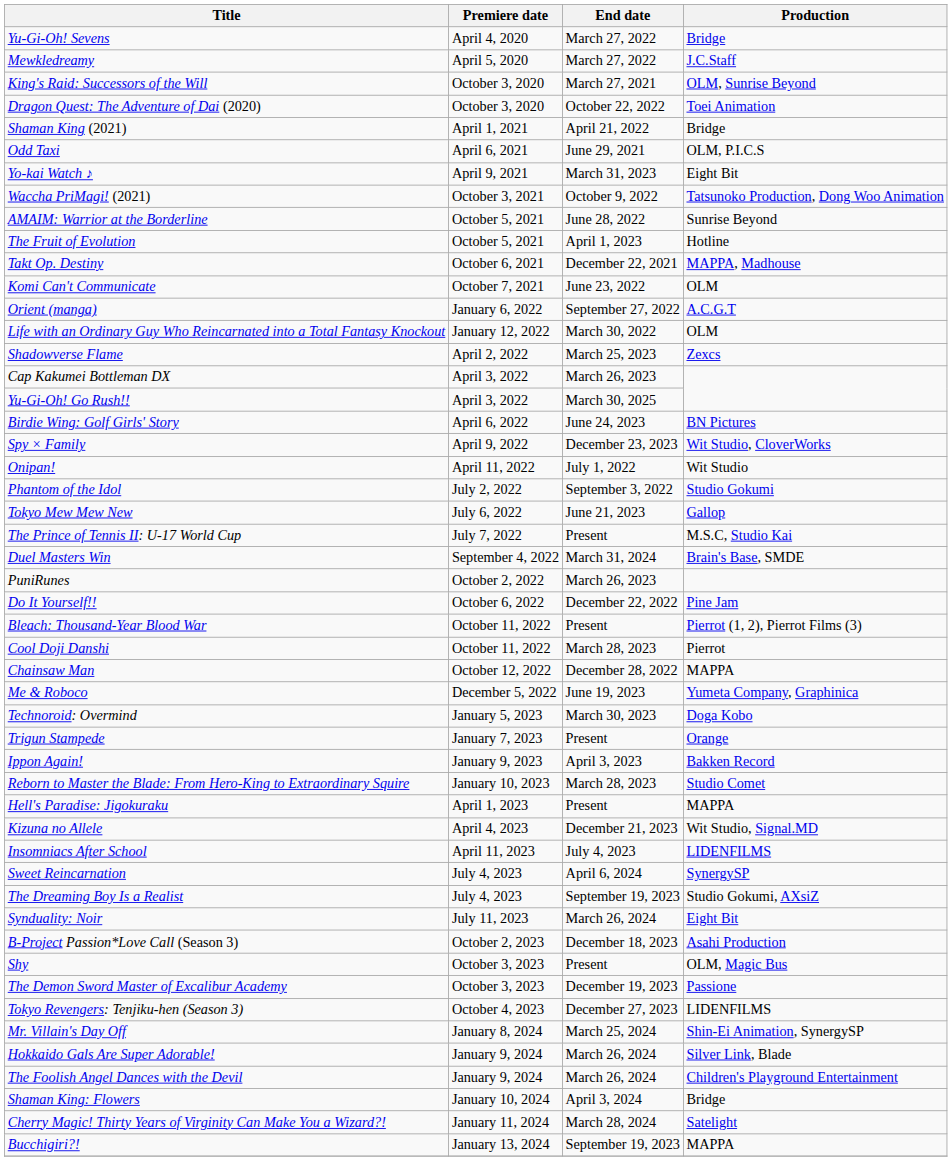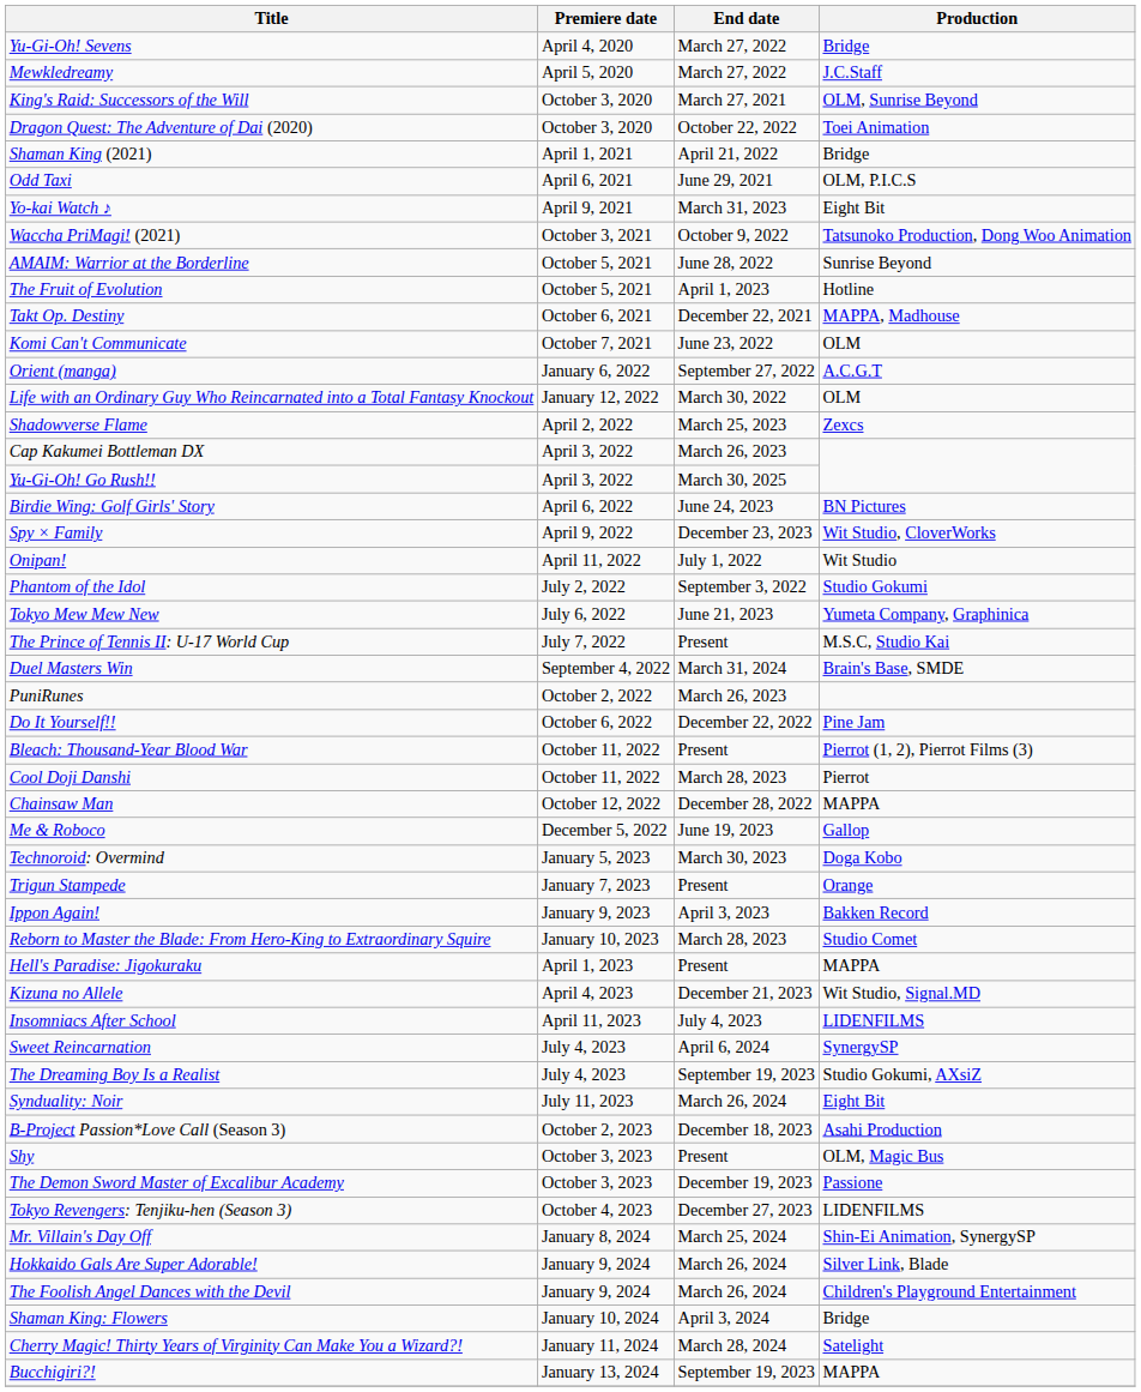 <table class="wikitable sortable">
 <tr>
 <th>Title</th>
 <th>Premiere date</th>
 <th>End date</th>
 <th>Production</th>
 </tr>
 <tr>
 <td><em><a href='#'>Yu-Gi-Oh! Sevens</a></em></td>
 <td>April 4, 2020</td>
 <td>March 27, 2022</td>
 <td><a href='#'>Bridge</a></td>
 </tr>
 <tr>
 <td><em><a href='#'>Mewkledreamy</a></em></td>
 <td>April 5, 2020</td>
 <td>March 27, 2022</td>
 <td><a href='#'>J.C.Staff</a></td>
 </tr>
 <tr>
 <td><em><a href='#'>King's Raid: Successors of the Will</a></em></td>
 <td>October 3, 2020</td>
 <td>March 27, 2021</td>
 <td><a href='#'>OLM</a>, <a href='#'>Sunrise Beyond</a></td>
 </tr>
 <tr>
 <td><em><a href='#'>Dragon Quest: The Adventure of Dai</a></em> (2020)</td>
 <td>October 3, 2020</td>
 <td>October 22, 2022</td>
 <td><a href='#'>Toei Animation</a></td>
 </tr>
 <tr>
 <td><em><a href='#'>Shaman King</a></em> (2021)</td>
 <td>April 1, 2021</td>
 <td>April 21, 2022</td>
 <td>Bridge</td>
 </tr>
 <tr>
 <td><em><a href='#'>Odd Taxi</a></em></td>
 <td>April 6, 2021</td>
 <td>June 29, 2021</td>
 <td>OLM, P.I.C.S</td>
 </tr>
 <tr>
 <td><em><a href='#'>Yo-kai Watch ♪</a></em></td>
 <td>April 9, 2021</td>
 <td>March 31, 2023</td>
 <td>Eight Bit</td>
 </tr>
 <tr>
 <td><em><a href='#'>Waccha PriMagi!</a></em> (2021)</td>
 <td>October 3, 2021</td>
 <td>October 9, 2022</td>
 <td><a href='#'>Tatsunoko Production</a>, <a href='#'>Dong Woo Animation</a></td>
 </tr>
 <tr>
 <td><em><a href='#'>AMAIM: Warrior at the Borderline</a></em></td>
 <td>October 5, 2021</td>
 <td>June 28, 2022</td>
 <td>Sunrise Beyond</td>
 </tr>
 <tr>
 <td><em><a href='#'>The Fruit of Evolution</a></em></td>
 <td>October 5, 2021</td>
 <td>April 1, 2023</td>
 <td>Hotline</td>
 </tr>
 <tr>
 <td><em><a href='#'>Takt Op. Destiny</a></em></td>
 <td>October 6, 2021</td>
 <td>December 22, 2021</td>
 <td><a href='#'>MAPPA</a>, <a href='#'>Madhouse</a></td>
 </tr>
 <tr>
 <td><em><a href='#'>Komi Can't Communicate</a></em></td>
 <td>October 7, 2021</td>
 <td>June 23, 2022</td>
 <td>OLM</td>
 </tr>
 <tr>
 <td><em><a href='#'>Orient (manga)</a></em></td>
 <td>January 6, 2022</td>
 <td>September 27, 2022</td>
 <td><a href='#'>A.C.G.T</a></td>
 </tr>
 <tr>
 <td><em><a href='#'>Life with an Ordinary Guy Who Reincarnated into a Total Fantasy Knockout</a></em></td>
 <td>January 12, 2022</td>
 <td>March 30, 2022</td>
 <td>OLM</td>
 </tr>
 <tr>
 <td><em><a href='#'>Shadowverse Flame</a></em></td>
 <td>April 2, 2022</td>
 <td>March 25, 2023</td>
 <td><a href='#'>Zexcs</a></td>
 </tr>
 <tr>
 <td><em>Cap Kakumei Bottleman DX</em></td>
 <td>April 3, 2022</td>
 <td>March 26, 2023</td>
 </tr>
 <tr>
 <td><em><a href='#'>Yu-Gi-Oh! Go Rush!!</a></em></td>
 <td>April 3, 2022</td>
 <td>March 30, 2025</td>
 </tr>
 <tr>
 <td><em><a href='#'>Birdie Wing: Golf Girls' Story</a></em></td>
 <td>April 6, 2022</td>
 <td>June 24, 2023</td>
 <td><a href='#'>BN Pictures</a></td>
 </tr>
 <tr>
 <td><em><a href='#'>Spy × Family</a></em></td>
 <td>April 9, 2022</td>
 <td>December 23, 2023</td>
 <td><a href='#'>Wit Studio</a>, <a href='#'>CloverWorks</a></td>
 </tr>
 <tr>
 <td><em><a href='#'>Onipan!</a></em></td>
 <td>April 11, 2022</td>
 <td>July 1, 2022</td>
 <td>Wit Studio</td>
 </tr>
 <tr>
 <td><em><a href='#'>Phantom of the Idol</a></em></td>
 <td>July 2, 2022</td>
 <td>September 3, 2022</td>
 <td><a href='#'>Studio Gokumi</a></td>
 </tr>
 <tr>
 <td><em><a href='#'>Tokyo Mew Mew New</a></em></td>
 <td>July 6, 2022</td>
 <td>June 21, 2023</td>
-<td><a href='#'>Gallop</a></td>
+<td><a href='#'>Yumeta Company</a>, <a href='#'>Graphinica</a></td>
 </tr>
 <tr>
 <td><em><a href='#'>The Prince of Tennis II</a>: U-17 World Cup</em></td>
 <td>July 7, 2022</td>
 <td>Present</td>
 <td>M.S.C, <a href='#'>Studio Kai</a></td>
 </tr>
 <tr>
 <td><em><a href='#'>Duel Masters Win</a></em></td>
 <td>September 4, 2022</td>
 <td>March 31, 2024</td>
 <td><a href='#'>Brain's Base</a>, SMDE</td>
 </tr>
 <tr>
 <td><em>PuniRunes</em></td>
 <td>October 2, 2022</td>
 <td>March 26, 2023</td>
 </tr>
 <tr>
 <td><em><a href='#'>Do It Yourself!!</a></em></td>
 <td>October 6, 2022</td>
 <td>December 22, 2022</td>
 <td><a href='#'>Pine Jam</a></td>
 </tr>
 <tr>
 <td><em><a href='#'>Bleach: Thousand-Year Blood War</a></em></td>
 <td>October 11, 2022</td>
 <td>Present</td>
 <td><a href='#'>Pierrot</a> (1, 2), Pierrot Films (3)</td>
 </tr>
 <tr>
 <td><em><a href='#'>Cool Doji Danshi</a></em></td>
 <td>October 11, 2022</td>
 <td>March 28, 2023</td>
 <td>Pierrot</td>
 </tr>
 <tr>
 <td><em><a href='#'>Chainsaw Man</a></em></td>
 <td>October 12, 2022</td>
 <td>December 28, 2022</td>
 <td>MAPPA</td>
 </tr>
 <tr>
 <td><em><a href='#'>Me & Roboco</a></em></td>
 <td>December 5, 2022</td>
 <td>June 19, 2023</td>
-<td><a href='#'>Yumeta Company</a>, <a href='#'>Graphinica</a></td>
+<td><a href='#'>Gallop</a></td>
 </tr>
 <tr>
 <td><em><a href='#'>Technoroid</a>: Overmind</em></td>
 <td>January 5, 2023</td>
 <td>March 30, 2023</td>
 <td><a href='#'>Doga Kobo</a></td>
 </tr>
 <tr>
 <td><em><a href='#'>Trigun Stampede</a></em></td>
 <td>January 7, 2023</td>
 <td>Present</td>
 <td><a href='#'>Orange</a></td>
 </tr>
 <tr>
 <td><em><a href='#'>Ippon Again!</a></em></td>
 <td>January 9, 2023</td>
 <td>April 3, 2023</td>
 <td><a href='#'>Bakken Record</a></td>
 </tr>
 <tr>
 <td><em><a href='#'>Reborn to Master the Blade: From Hero-King to Extraordinary Squire</a></em></td>
 <td>January 10, 2023</td>
 <td>March 28, 2023</td>
 <td><a href='#'>Studio Comet</a></td>
 </tr>
 <tr>
 <td><em><a href='#'>Hell's Paradise: Jigokuraku</a></em></td>
 <td>April 1, 2023</td>
 <td>Present</td>
 <td>MAPPA</td>
 </tr>
 <tr>
 <td><em><a href='#'>Kizuna no Allele</a></em></td>
 <td>April 4, 2023</td>
 <td>December 21, 2023</td>
 <td>Wit Studio, <a href='#'>Signal.MD</a></td>
 </tr>
 <tr>
 <td><em><a href='#'>Insomniacs After School</a></em></td>
 <td>April 11, 2023</td>
 <td>July 4, 2023</td>
 <td><a href='#'>LIDENFILMS</a></td>
 </tr>
 <tr>
 <td><em><a href='#'>Sweet Reincarnation</a></em></td>
 <td>July 4, 2023</td>
 <td>April 6, 2024</td>
 <td><a href='#'>SynergySP</a></td>
 </tr>
 <tr>
 <td><em><a href='#'>The Dreaming Boy Is a Realist</a></em></td>
 <td>July 4, 2023</td>
 <td>September 19, 2023</td>
 <td>Studio Gokumi, <a href='#'>AXsiZ</a></td>
 </tr>
 <tr>
 <td><em><a href='#'>Synduality: Noir</a></em></td>
 <td>July 11, 2023</td>
 <td>March 26, 2024</td>
 <td><a href='#'>Eight Bit</a></td>
 </tr>
 <tr>
 <td><em><a href='#'>B-Project</a> Passion*Love Call</em> (Season 3)</td>
 <td>October 2, 2023</td>
 <td>December 18, 2023</td>
 <td><a href='#'>Asahi Production</a></td>
 </tr>
 <tr>
 <td><em><a href='#'>Shy</a></em></td>
 <td>October 3, 2023</td>
 <td>Present</td>
 <td>OLM, <a href='#'>Magic Bus</a></td>
 </tr>
 <tr>
 <td><em><a href='#'>The Demon Sword Master of Excalibur Academy</a></em></td>
 <td>October 3, 2023</td>
 <td>December 19, 2023</td>
 <td><a href='#'>Passione</a></td>
 </tr>
 <tr>
 <td><em><a href='#'>Tokyo Revengers</a>: Tenjiku-hen (Season 3)</em></td>
 <td>October 4, 2023</td>
 <td>December 27, 2023</td>
 <td>LIDENFILMS</td>
 </tr>
 <tr>
 <td><em><a href='#'>Mr. Villain's Day Off</a></em></td>
 <td>January 8, 2024</td>
 <td>March 25, 2024</td>
 <td><a href='#'>Shin-Ei Animation</a>, SynergySP</td>
 </tr>
 <tr>
 <td><em><a href='#'>Hokkaido Gals Are Super Adorable!</a></em></td>
 <td>January 9, 2024</td>
 <td>March 26, 2024</td>
 <td><a href='#'>Silver Link</a>, Blade</td>
 </tr>
 <tr>
 <td><em><a href='#'>The Foolish Angel Dances with the Devil</a></em></td>
 <td>January 9, 2024</td>
 <td>March 26, 2024</td>
 <td><a href='#'>Children's Playground Entertainment</a></td>
 </tr>
 <tr>
 <td><em><a href='#'>Shaman King: Flowers</a></em></td>
 <td>January 10, 2024</td>
 <td>April 3, 2024</td>
 <td>Bridge</td>
 </tr>
 <tr>
 <td><em><a href='#'>Cherry Magic! Thirty Years of Virginity Can Make You a Wizard?!</a></em></td>
 <td>January 11, 2024</td>
 <td>March 28, 2024</td>
 <td><a href='#'>Satelight</a></td>
 </tr>
 <tr>
 <td><em><a href='#'>Bucchigiri?!</a></em></td>
 <td>January 13, 2024</td>
 <td>September 19, 2023</td>
 <td>MAPPA</td>
 </tr>
 <tr>
 </tr>
 </table>
